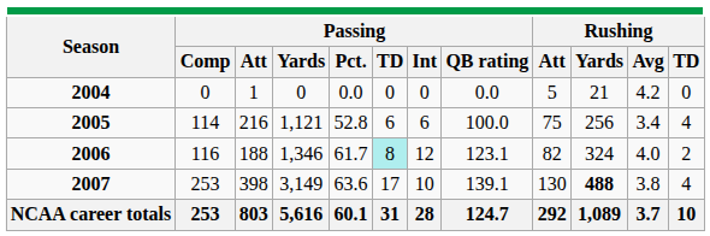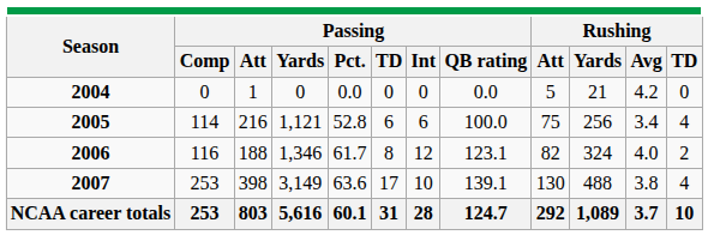 <table class=wikitable style="text-align:center;">
 <tr>
 </tr>
 <tr>
 <td ! colspan="12" style="background: #009B48; border: 2px solid white; color:white;"></td>
 </tr>
 <tr>
 <th rowspan=2>Season</th>
 <th colspan=7>Passing</th>
 <th colspan=4>Rushing</th>
 </tr>
 <tr>
 <th>Comp</th>
 <th>Att</th>
 <th>Yards</th>
 <th>Pct.</th>
 <th>TD</th>
 <th>Int</th>
 <th>QB rating</th>
 <th>Att</th>
 <th>Yards</th>
 <th>Avg</th>
 <th>TD</th>
 </tr>
 <tr>
 <td><strong>2004</strong></td>
 <td>0</td>
 <td>1</td>
 <td>0</td>
 <td>0.0</td>
 <td>0</td>
 <td>0</td>
 <td>0.0</td>
 <td>5</td>
 <td>21</td>
 <td>4.2</td>
 <td>0</td>
 </tr>
 <tr>
 <td><strong>2005</strong></td>
 <td>114</td>
 <td>216</td>
 <td>1,121</td>
 <td>52.8</td>
 <td>6</td>
 <td>6</td>
 <td>100.0</td>
 <td>75</td>
 <td>256</td>
 <td>3.4</td>
 <td>4</td>
 </tr>
 <tr>
 <td><strong>2006</strong></td>
 <td>116</td>
 <td>188</td>
 <td>1,346</td>
 <td>61.7</td>
-<td style="background: paleturquoise;">8</td>
+<td>8</td>
 <td>12</td>
 <td>123.1</td>
 <td>82</td>
 <td>324</td>
 <td>4.0</td>
 <td>2</td>
 </tr>
 <tr>
 <td><strong>2007</strong></td>
 <td>253</td>
 <td>398</td>
 <td>3,149</td>
 <td>63.6</td>
 <td>17</td>
 <td>10</td>
 <td>139.1</td>
 <td>130</td>
-<td><strong>488</strong></td>
+<td>488</td>
 <td>3.8</td>
 <td>4</td>
 </tr>
 <tr>
 <th>NCAA career totals</th>
 <th>253</th>
 <th>803</th>
 <th>5,616</th>
 <th>60.1</th>
 <th>31</th>
 <th>28</th>
 <th>124.7</th>
 <th>292</th>
 <th>1,089</th>
 <th>3.7</th>
 <th>10</th>
 </tr>
 </table>
